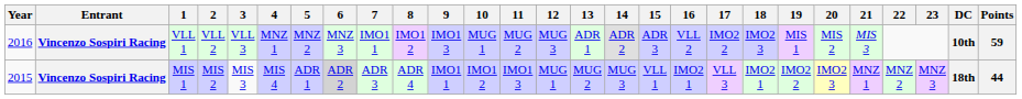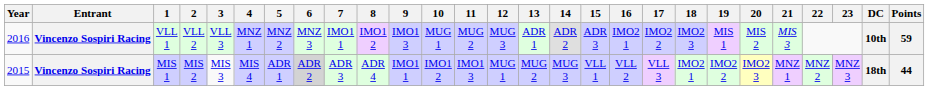 <table class="wikitable" style="text-align:center; font-size:85%">
 <tr>
 <th>Year</th>
 <th>Entrant</th>
 <th>1</th>
 <th>2</th>
 <th>3</th>
 <th>4</th>
 <th>5</th>
 <th>6</th>
 <th>7</th>
 <th>8</th>
 <th>9</th>
 <th>10</th>
 <th>11</th>
 <th>12</th>
 <th>13</th>
 <th>14</th>
 <th>15</th>
 <th>16</th>
 <th>17</th>
 <th>18</th>
 <th>19</th>
 <th>20</th>
 <th>21</th>
 <th>22</th>
 <th>23</th>
 <th>DC</th>
 <th>Points</th>
 </tr>
 <tr>
 <td><a href='#'>2016</a></td>
 <th nowrap><a href='#'>Vincenzo Sospiri Racing</a></th>
 <td style="background:#DFFFDF;"><a href='#'>VLL<br>1</a><br></td>
 <td style="background:#DFFFDF;"><a href='#'>VLL<br>2</a><br></td>
 <td style="background:#DFFFDF;"><a href='#'>VLL<br>3</a><br></td>
 <td style="background:#CFCFFF;"><a href='#'>MNZ<br>1</a><br></td>
 <td style="background:#CFCFFF;"><a href='#'>MNZ<br>2</a><br></td>
 <td style="background:#DFFFDF;"><a href='#'>MNZ<br>3</a><br></td>
 <td style="background:#DFFFDF;"><a href='#'>IMO1<br>1</a><br></td>
 <td style="background:#EFCFFF;"><a href='#'>IMO1<br>2</a><br></td>
 <td style="background:#CFCFFF;"><a href='#'>IMO1<br>3</a><br></td>
 <td style="background:#CFCFFF;"><a href='#'>MUG<br>1</a><br></td>
 <td style="background:#CFCFFF;"><a href='#'>MUG<br>2</a><br></td>
 <td style="background:#CFCFFF;"><a href='#'>MUG<br>3</a><br></td>
 <td style="background:#DFFFDF;"><a href='#'>ADR<br>1</a><br></td>
 <td style="background:#DFDFDF;"><a href='#'>ADR<br>2</a><br></td>
 <td style="background:#CFCFFF;"><a href='#'>ADR<br>3</a><br></td>
-<td style="background:#CFCFFF;"><a href='#'>VLL<br>2</a><br></td>
+<td style="background:#CFCFFF;"><a href='#'>IMO2<br>1</a><br></td>
 <td style="background:#CFCFFF;"><a href='#'>IMO2<br>2</a><br></td>
 <td style="background:#CFCFFF;"><a href='#'>IMO2<br>3</a><br></td>
 <td style="background:#EFCFFF;"><a href='#'>MIS<br>1</a><br></td>
 <td style="background:#DFFFDF;"><a href='#'>MIS<br>2</a><br></td>
 <td style="background:#DFFFDF;"><em><a href='#'>MIS<br>3</a></em><br></td>
 <td colspan=2></td>
 <th>10th</th>
 <th>59</th>
 </tr>
 <tr>
 <td><a href='#'>2015</a></td>
 <th nowrap><a href='#'>Vincenzo Sospiri Racing</a></th>
 <td style="background:#CFCFFF;"><a href='#'>MIS<br>1</a><br></td>
 <td style="background:#CFCFFF;"><a href='#'>MIS<br>2</a><br></td>
 <td><a href='#'>MIS<br>3</a></td>
 <td style="background:#CFCFFF;"><a href='#'>MIS<br>4</a><br></td>
 <td style="background:#CFCFFF;"><a href='#'>ADR<br>1</a><br></td>
 <td style="background: lightgrey;"><a href='#'>ADR<br>2</a></td>
 <td style="background:#DFFFDF;"><a href='#'>ADR<br>3</a><br></td>
 <td style="background:#DFFFDF;"><a href='#'>ADR<br>4</a><br></td>
 <td style="background:#CFCFFF;"><a href='#'>IMO1<br>1</a><br></td>
 <td style="background:#CFCFFF;"><a href='#'>IMO1<br>2</a><br></td>
 <td style="background:#CFCFFF;"><a href='#'>IMO1<br>3</a><br></td>
 <td style="background:#CFCFFF;"><a href='#'>MUG<br>1</a><br></td>
 <td style="background:#CFCFFF;"><a href='#'>MUG<br>2</a><br></td>
 <td style="background:#CFCFFF;"><a href='#'>MUG<br>3</a><br></td>
 <td style="background:#CFCFFF;"><a href='#'>VLL<br>1</a><br></td>
-<td style="background:#CFCFFF;"><a href='#'>IMO2<br>1</a><br></td>
+<td style="background:#CFCFFF;"><a href='#'>VLL<br>2</a><br></td>
 <td style="background:#EFCFFF;"><a href='#'>VLL<br>3</a><br></td>
 <td style="background:#DFFFDF;"><a href='#'>IMO2<br>1</a><br></td>
 <td style="background:#DFFFDF;"><a href='#'>IMO2<br>2</a><br></td>
 <td style="background:#FFFFBF;"><a href='#'>IMO2<br>3</a><br></td>
 <td style="background:#EFCFFF;"><a href='#'>MNZ<br>1</a><br></td>
 <td style="background:#DFFFDF;"><a href='#'>MNZ<br>2</a><br></td>
 <td style="background:#EFCFFF;"><a href='#'>MNZ<br>3</a><br></td>
 <th>18th</th>
 <th>44</th>
 </tr>
 </table>
